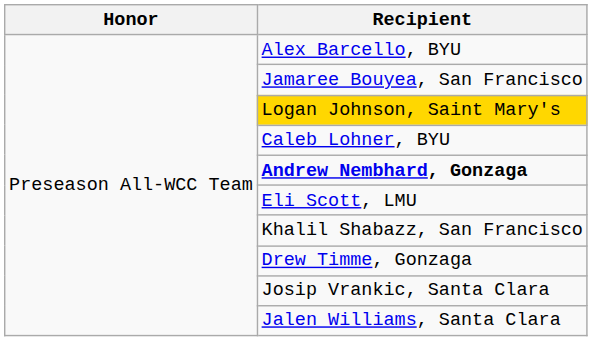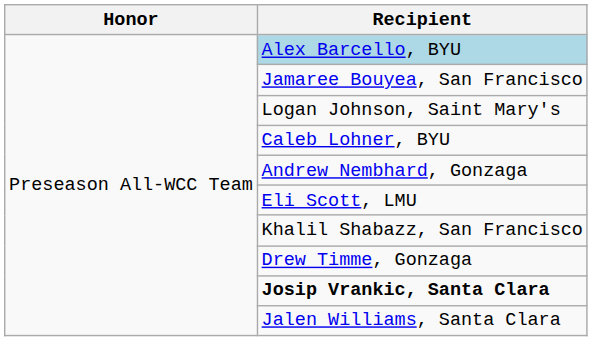 <table class="wikitable">
 <tr>
 <th>Honor</th>
 <th>Recipient</th>
 </tr>
 <tr>
 <td rowspan="10">Preseason All-WCC Team</td>
-<td><a href='#'>Alex Barcello</a>, BYU</td>
+<td style="background: lightblue;"><a href='#'>Alex Barcello</a>, BYU</td>
 </tr>
 <tr>
 <td><a href='#'>Jamaree Bouyea</a>, San Francisco</td>
 </tr>
 <tr>
-<td style="background: gold;">Logan Johnson, Saint Mary's</td>
+<td>Logan Johnson, Saint Mary's</td>
 </tr>
 <tr>
 <td><a href='#'>Caleb Lohner</a>, BYU</td>
 </tr>
 <tr>
-<td><strong><a href='#'>Andrew Nembhard</a>, Gonzaga</strong></td>
+<td><a href='#'>Andrew Nembhard</a>, Gonzaga</td>
 </tr>
 <tr>
 <td><a href='#'>Eli Scott</a>, LMU</td>
 </tr>
 <tr>
 <td>Khalil Shabazz, San Francisco</td>
 </tr>
 <tr>
 <td><a href='#'>Drew Timme</a>, Gonzaga</td>
 </tr>
 <tr>
-<td>Josip Vrankic, Santa Clara</td>
+<td><strong>Josip Vrankic, Santa Clara</strong></td>
 </tr>
 <tr>
 <td><a href='#'>Jalen Williams</a>, Santa Clara</td>
 </tr>
 </table>
